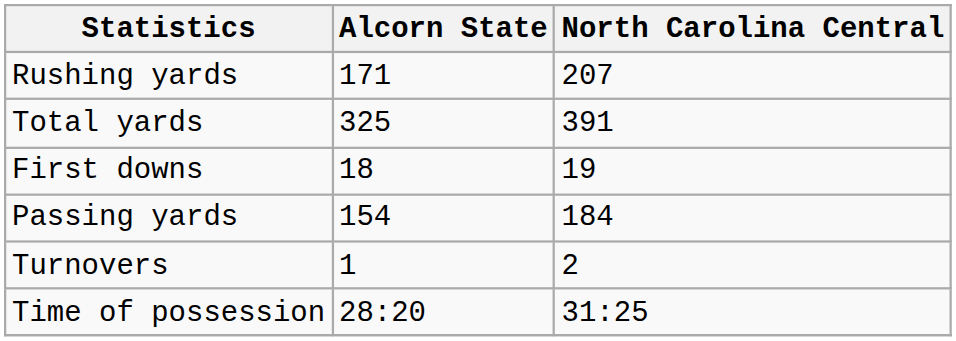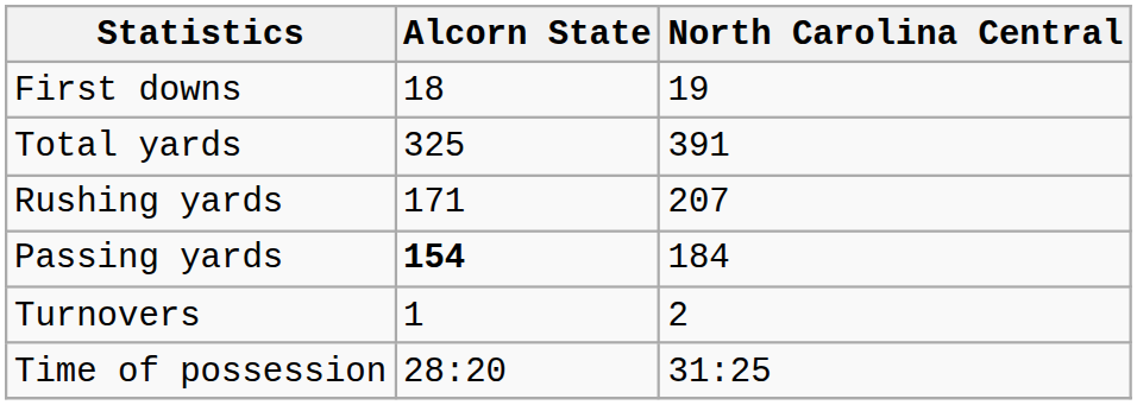 <table class="wikitable">
 <tr>
 <th>Statistics</th>
 <th>Alcorn State</th>
 <th>North Carolina Central</th>
 </tr>
 <tr>
-<td>Rushing yards</td>
-<td>171</td>
-<td>207</td>
+<td>First downs</td>
+<td>18</td>
+<td>19</td>
 </tr>
 <tr>
 <td>Total yards</td>
 <td>325</td>
 <td>391</td>
 </tr>
 <tr>
-<td>First downs</td>
-<td>18</td>
-<td>19</td>
+<td>Rushing yards</td>
+<td>171</td>
+<td>207</td>
 </tr>
 <tr>
 <td>Passing yards</td>
-<td>154</td>
+<td><strong>154</strong></td>
 <td>184</td>
 </tr>
 <tr>
 <td>Turnovers</td>
 <td>1</td>
 <td>2</td>
 </tr>
 <tr>
 <td>Time of possession</td>
 <td>28:20</td>
 <td>31:25</td>
 </tr>
 <tr>
 </tr>
 </table>
